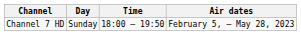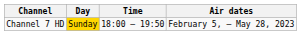 <table class="wikitable">
 <tr>
 <th>Channel</th>
 <th>Day</th>
 <th>Time</th>
 <th>Air dates</th>
 </tr>
 <tr>
 <td rowspan = "2" align = "center">Channel 7 HD</td>
-<td rowspan = "1" align = "center">Sunday</td>
+<td rowspan = "1" align = "center" style="background: gold;">Sunday</td>
 <td>18:00 – 19:50</td>
 <td>February 5, – May 28, 2023</td>
 </tr>
 </table>
